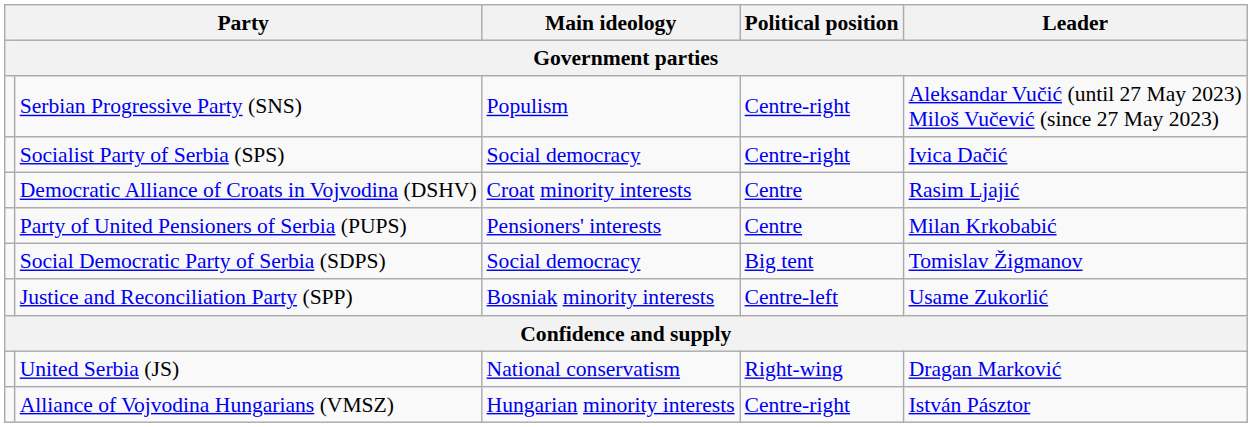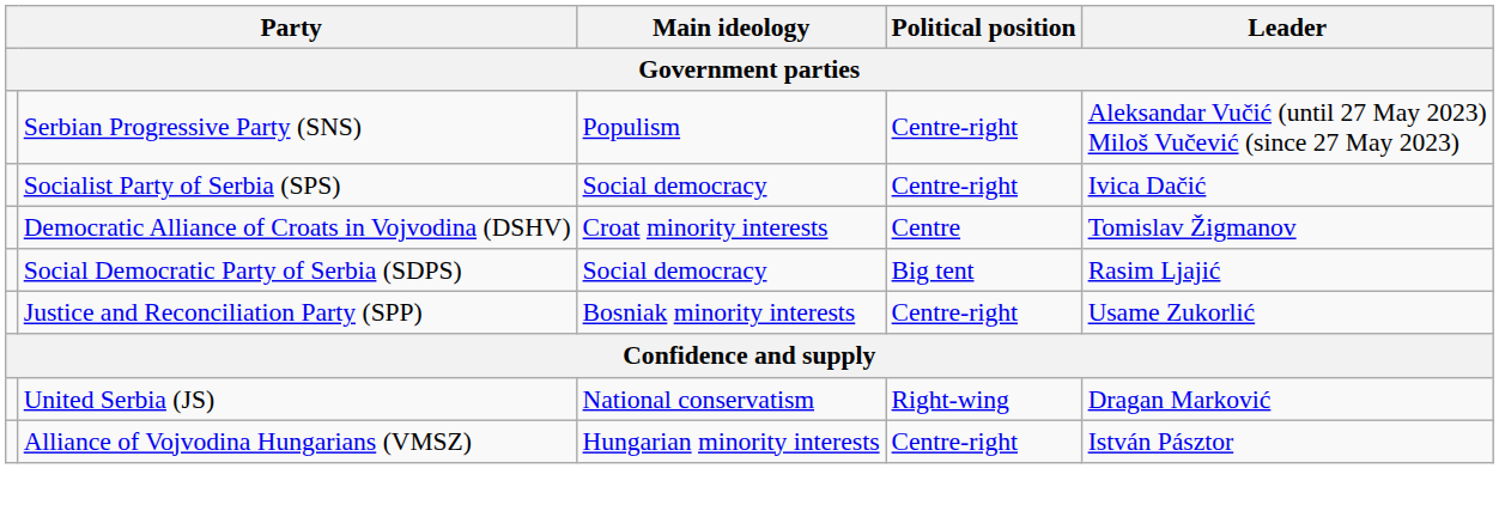 <table class="wikitable" style="font-size:95%">
 <tr>
 <th colspan="2">Party</th>
 <th>Main ideology</th>
 <th>Political position</th>
 <th>Leader</th>
 </tr>
 <tr>
 <th colspan="5">Government parties</th>
 </tr>
 <tr>
 <td style="background:"></td>
 <td><a href='#'>Serbian Progressive Party</a> (SNS)</td>
 <td><a href='#'>Populism</a></td>
 <td><a href='#'>Centre-right</a></td>
 <td><a href='#'>Aleksandar Vučić</a> (until 27 May 2023)<br><a href='#'>Miloš Vučević</a> (since 27 May 2023)</td>
 </tr>
 <tr>
 <td style="background:"></td>
 <td><a href='#'>Socialist Party of Serbia</a> (SPS)</td>
 <td><a href='#'>Social democracy</a></td>
 <td><a href='#'>Centre-right</a></td>
 <td><a href='#'>Ivica Dačić</a></td>
 </tr>
 <tr>
 <td style="background:"></td>
 <td><a href='#'>Democratic Alliance of Croats in Vojvodina</a> (DSHV)</td>
 <td><a href='#'>Croat</a> <a href='#'>minority interests</a></td>
 <td><a href='#'>Centre</a></td>
-<td><a href='#'>Rasim Ljajić</a></td>
-</tr>
-<tr>
-<td style="background:"></td>
-<td><a href='#'>Party of United Pensioners of Serbia</a> (PUPS)</td>
-<td><a href='#'>Pensioners' interests</a></td>
-<td><a href='#'>Centre</a></td>
-<td><a href='#'>Milan Krkobabić</a></td>
+<td><a href='#'>Tomislav Žigmanov</a></td>
 </tr>
 <tr>
 <td style="background:"></td>
 <td><a href='#'>Social Democratic Party of Serbia</a> (SDPS)</td>
 <td><a href='#'>Social democracy</a></td>
 <td><a href='#'>Big tent</a></td>
-<td><a href='#'>Tomislav Žigmanov</a></td>
+<td><a href='#'>Rasim Ljajić</a></td>
 </tr>
 <tr>
 <td style="background:"></td>
 <td><a href='#'>Justice and Reconciliation Party</a> (SPP)</td>
 <td><a href='#'>Bosniak</a> <a href='#'>minority interests</a></td>
-<td><a href='#'>Centre-left</a></td>
+<td><a href='#'>Centre-right</a></td>
 <td><a href='#'>Usame Zukorlić</a></td>
 </tr>
 <tr>
 <th colspan="5">Confidence and supply</th>
 </tr>
 <tr>
 <td style="background:"></td>
 <td><a href='#'>United Serbia</a> (JS)</td>
 <td><a href='#'>National conservatism</a></td>
 <td><a href='#'>Right-wing</a></td>
 <td><a href='#'>Dragan Marković</a></td>
 </tr>
 <tr>
 <td style="background:"></td>
 <td><a href='#'>Alliance of Vojvodina Hungarians</a> (VMSZ)</td>
 <td><a href='#'>Hungarian</a> <a href='#'>minority interests</a></td>
 <td><a href='#'>Centre-right</a></td>
 <td><a href='#'>István Pásztor</a></td>
 </tr>
 </table>
